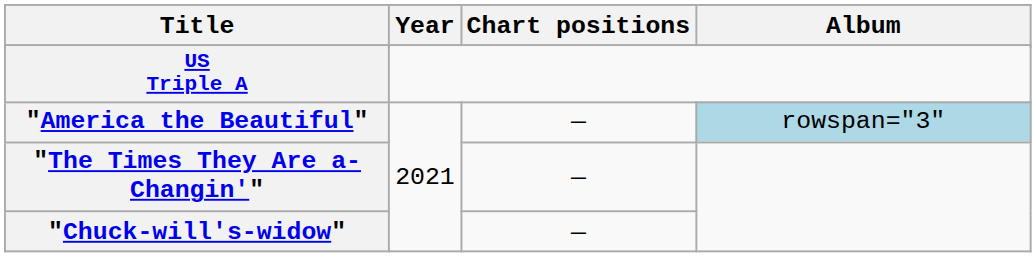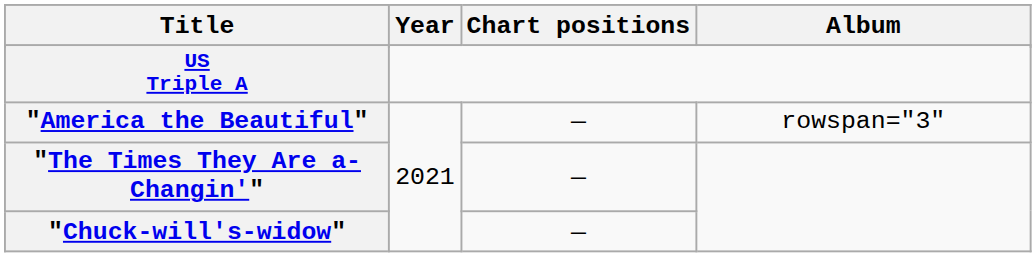 <table class="wikitable plainrowheaders" style="text-align:center;" border="1">
 <tr>
 <th scope="col" rowspan="2" style="width:15em;">Title</th>
 <th scope="col" rowspan="2">Year</th>
 <th scope="col" colspan="1">Chart positions</th>
 <th rowspan="2" style="width:13em;">Album</th>
 </tr>
 <tr>
 </tr>
 <tr>
 <th scope="col" style="width:3em;font-size:85%;"><a href='#'>US<br>Triple A</a><br></th>
 </tr>
 <tr>
 <th scope="row">"<a href='#'>America the Beautiful</a>" <br></th>
 <td rowspan="3">2021</td>
 <td>—</td>
-<td style="background: lightblue;">rowspan="3" </td>
+<td>rowspan="3" </td>
 </tr>
 <tr>
 <th scope="row">"<a href='#'>The Times They Are a-Changin'</a>" <br></th>
 <td>—</td>
 </tr>
 <tr>
 <th scope="row">"<a href='#'>Chuck-will's-widow</a>"  <br></th>
 <td>—</td>
 </tr>
 </table>
